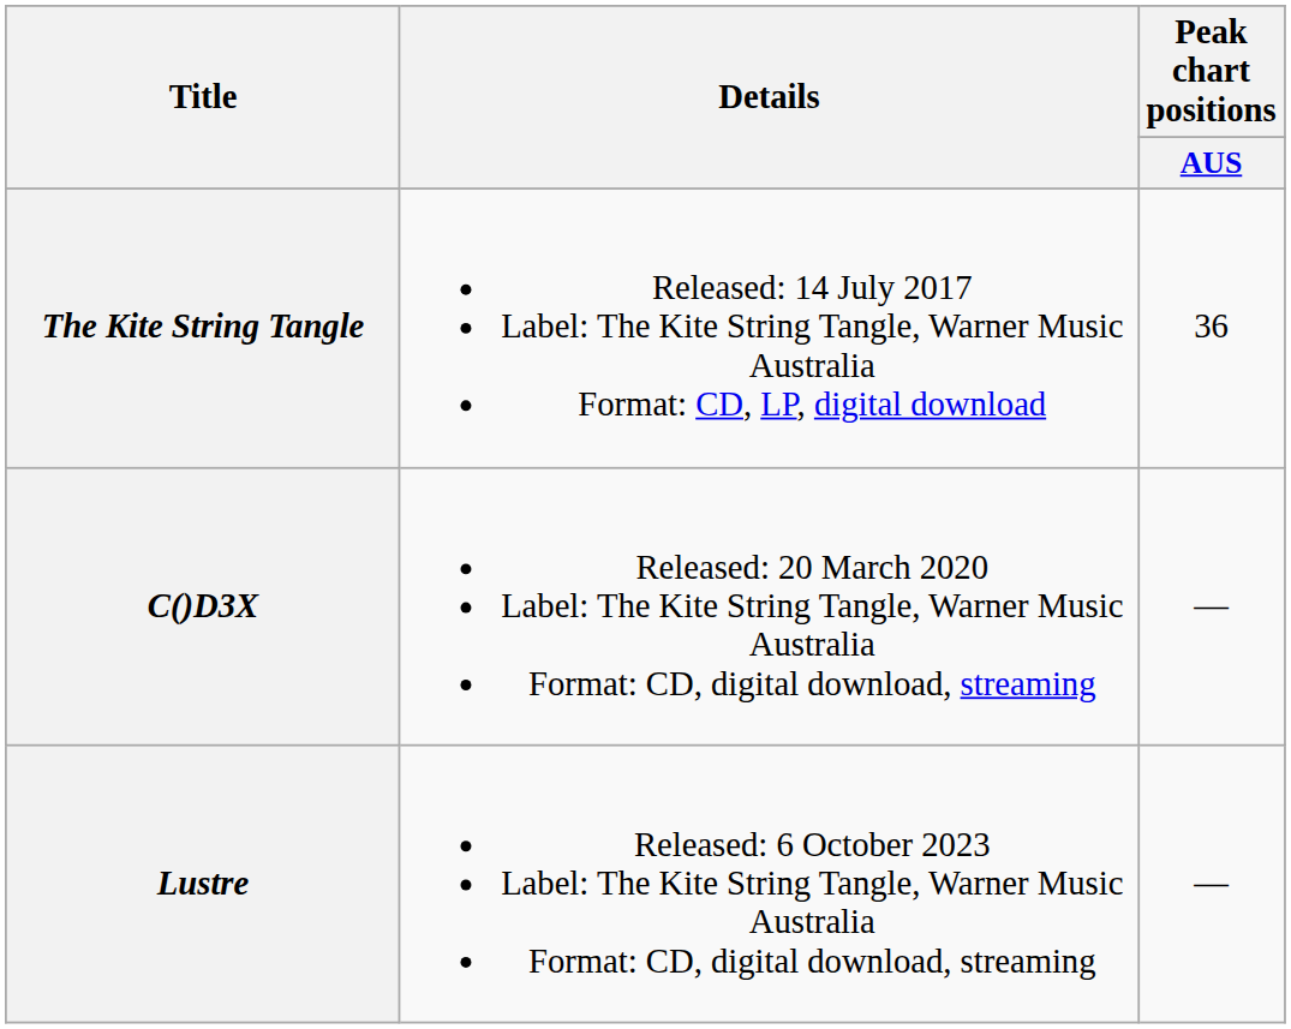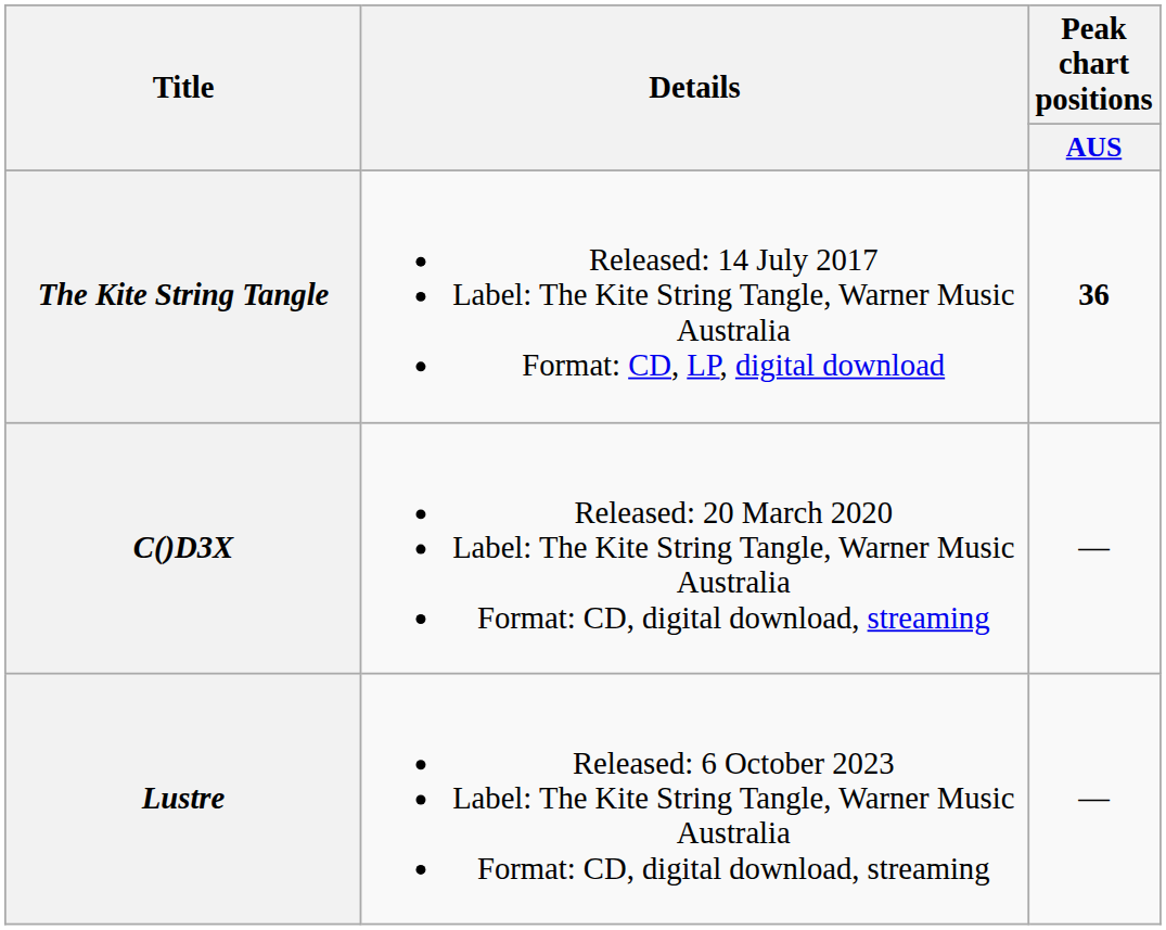 <table class="wikitable plainrowheaders" style="text-align:center;">
 <tr>
 <th scope="col" rowspan="2" style="width:11em;">Title</th>
 <th scope="col" rowspan="2" style="width:21em;">Details</th>
 <th scope="col" colspan="1">Peak chart positions</th>
 </tr>
 <tr>
 <th scope="col" style="width:3em;font-size:90%;"><a href='#'>AUS</a><br></th>
 </tr>
 <tr>
 <th scope="row"><em>The Kite String Tangle</em></th>
 <td><br><ul><li>Released: 14 July 2017</li><li>Label: The Kite String Tangle, Warner Music Australia</li><li>Format: <a href='#'>CD</a>, <a href='#'>LP</a>, <a href='#'>digital download</a></li></ul></td>
-<td>36</td>
+<td><strong>36</strong></td>
 </tr>
 <tr>
 <th scope="row"><em>C()D3X</em></th>
 <td><br><ul><li>Released: 20 March 2020</li><li>Label: The Kite String Tangle, Warner Music Australia</li><li>Format: CD, digital download, <a href='#'>streaming</a></li></ul></td>
 <td>—</td>
 </tr>
 <tr>
 <th scope="row"><em>Lustre</em></th>
 <td><br><ul><li>Released: 6 October 2023</li><li>Label: The Kite String Tangle, Warner Music Australia</li><li>Format: CD, digital download, streaming</li></ul></td>
 <td>—</td>
 </tr>
 </table>
